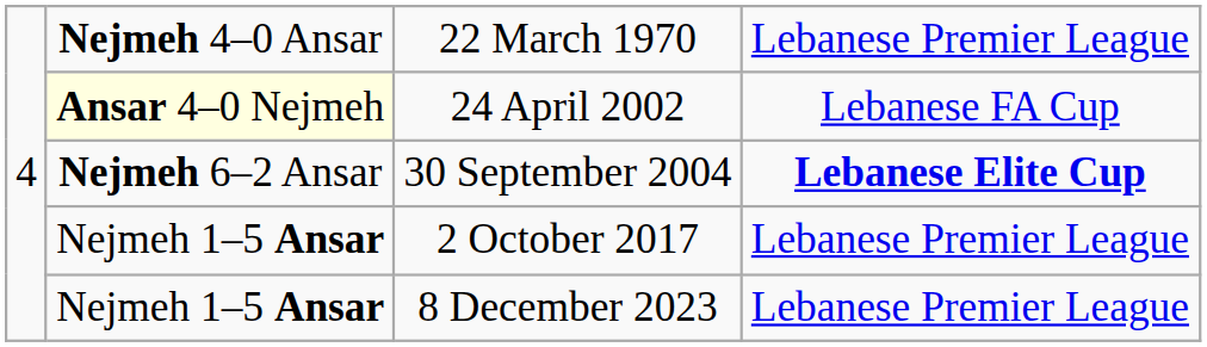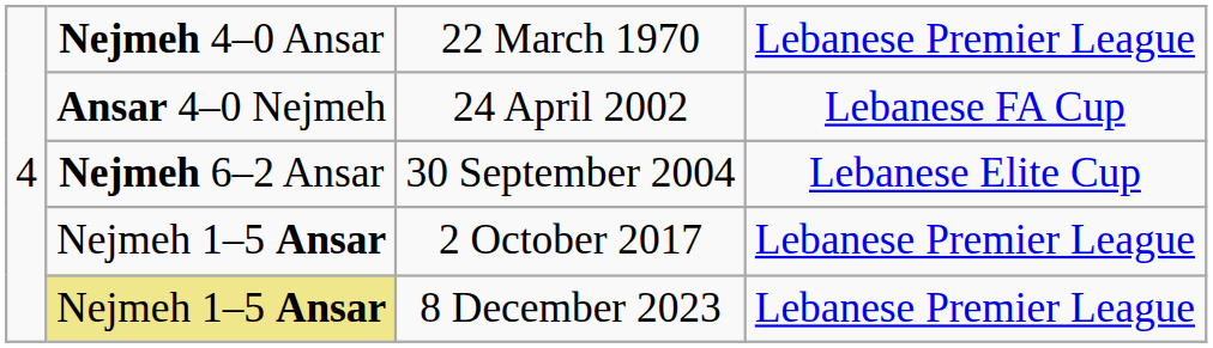 <table class="wikitable" style="text-align: center;">
 <tr>
 <td rowspan="5">4</td>
 <td><strong>Nejmeh</strong> 4–0 Ansar</td>
 <td>22 March 1970</td>
 <td><a href='#'>Lebanese Premier League</a></td>
 </tr>
 <tr>
-<td style="background: lightyellow;"><strong>Ansar</strong> 4–0 Nejmeh</td>
+<td><strong>Ansar</strong> 4–0 Nejmeh</td>
 <td>24 April 2002</td>
 <td><a href='#'>Lebanese FA Cup</a></td>
 </tr>
 <tr>
 <td><strong>Nejmeh</strong> 6–2 Ansar</td>
 <td>30 September 2004</td>
-<td><strong><a href='#'>Lebanese Elite Cup</a></strong></td>
+<td><a href='#'>Lebanese Elite Cup</a></td>
 </tr>
 <tr>
 <td>Nejmeh 1–5 <strong>Ansar</strong></td>
 <td>2 October 2017</td>
 <td><a href='#'>Lebanese Premier League</a></td>
 </tr>
 <tr>
-<td>Nejmeh 1–5 <strong>Ansar</strong></td>
+<td style="background: khaki;">Nejmeh 1–5 <strong>Ansar</strong></td>
 <td>8 December 2023</td>
 <td><a href='#'>Lebanese Premier League</a></td>
 </tr>
 </table>
